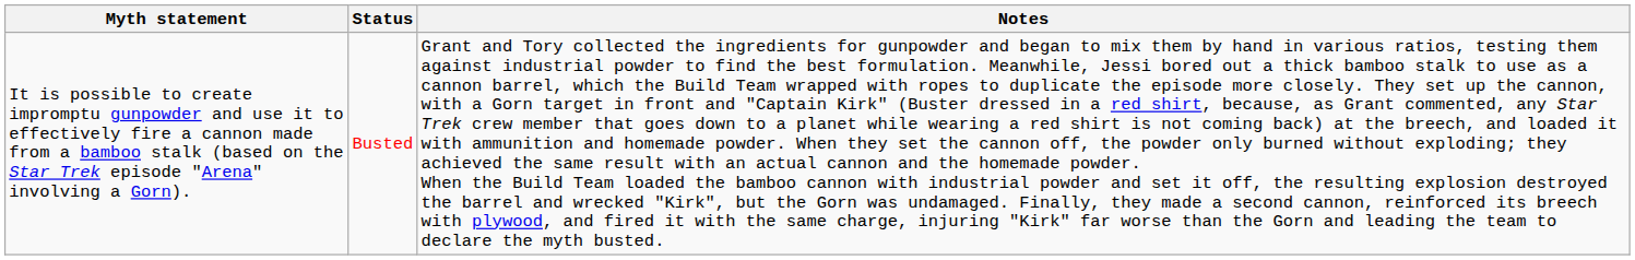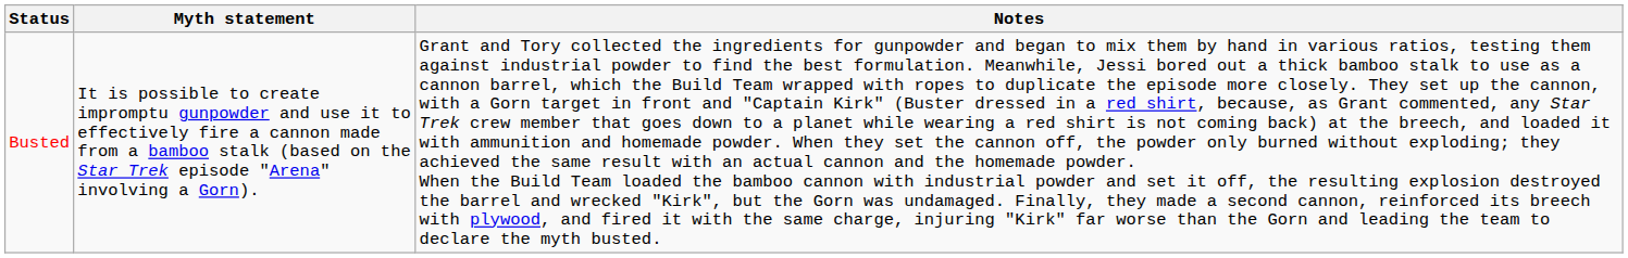 <table class="wikitable plainrowheaders">
 <tr>
+<th>Status</th>
 <th>Myth statement</th>
-<th>Status</th>
 <th>Notes</th>
 </tr>
 <tr>
+<td style="color:red">Busted</td>
 <td>It is possible to create impromptu <a href='#'>gunpowder</a> and use it to effectively fire a cannon made from a <a href='#'>bamboo</a> stalk (based on the <em><a href='#'>Star Trek</a></em> episode "<a href='#'>Arena</a>" involving a <a href='#'>Gorn</a>).</td>
-<td style="color:red">Busted</td>
 <td>Grant and Tory collected the ingredients for gunpowder and began to mix them by hand in various ratios, testing them against industrial powder to find the best formulation. Meanwhile, Jessi bored out a thick bamboo stalk to use as a cannon barrel, which the Build Team wrapped with ropes to duplicate the episode more closely. They set up the cannon, with a Gorn target in front and "Captain Kirk" (Buster dressed in a <a href='#'>red shirt</a>, because, as Grant commented, any <em>Star Trek</em> crew member that goes down to a planet while wearing a red shirt is not coming back) at the breech, and loaded it with ammunition and homemade powder. When they set the cannon off, the powder only burned without exploding; they achieved the same result with an actual cannon and the homemade powder.<br>When the Build Team loaded the bamboo cannon with industrial powder and set it off, the resulting explosion destroyed the barrel and wrecked "Kirk", but the Gorn was undamaged. Finally, they made a second cannon, reinforced its breech with <a href='#'>plywood</a>, and fired it with the same charge, injuring "Kirk" far worse than the Gorn and leading the team to declare the myth busted.</td>
 </tr>
 </table>
